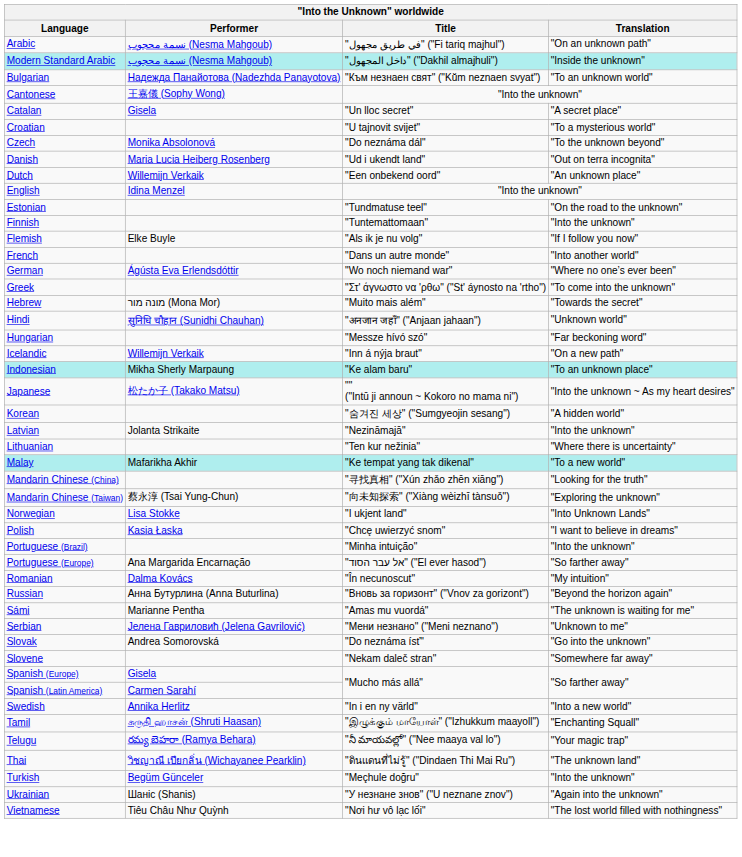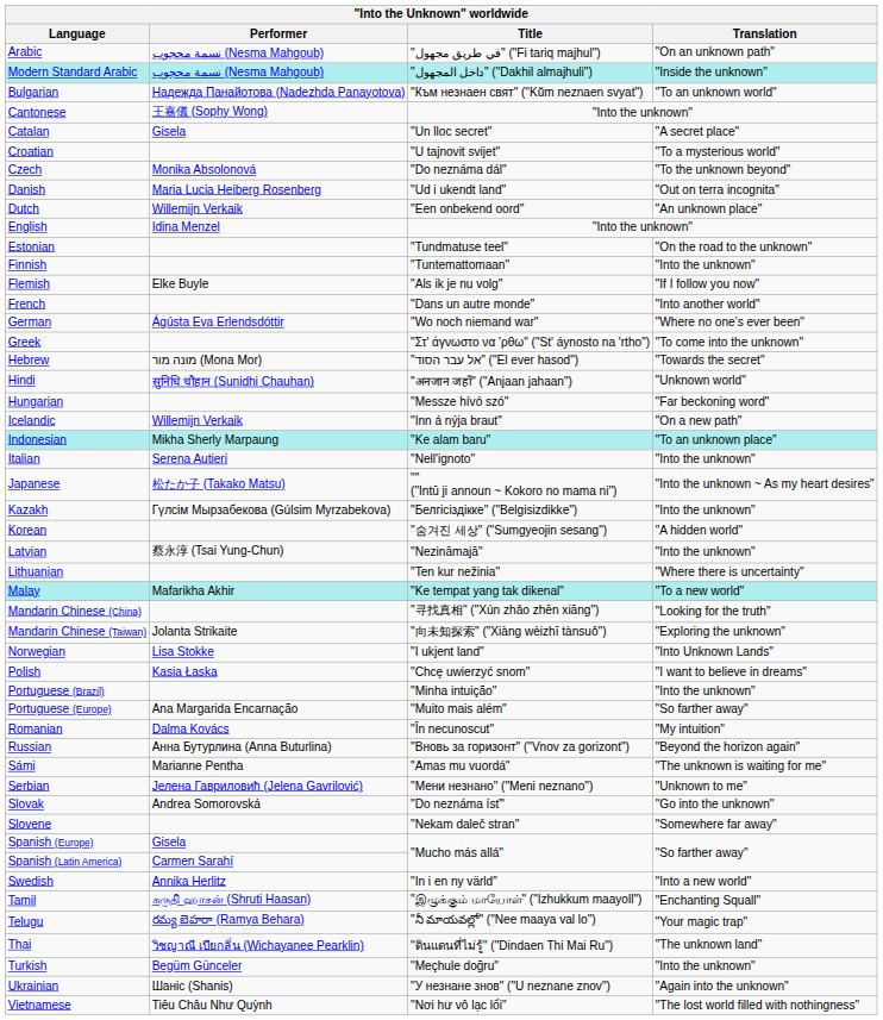 <table class="wikitable collapsible collapsed">
 <tr>
 <th colspan="4">"Into the Unknown" worldwide</th>
 </tr>
 <tr>
 <th>Language</th>
 <th>Performer</th>
 <th>Title</th>
 <th>Translation</th>
 </tr>
 <tr>
 <td><a href='#'>Arabic</a></td>
 <td><a href='#'>نسمة محجوب (Nesma Mahgoub)</a></td>
 <td>"في طريق مجهول" ("Fi tariq majhul")</td>
 <td>"On an unknown path"</td>
 </tr>
 <tr>
 <td style="background:PaleTurquoise"><a href='#'>Modern Standard Arabic</a></td>
 <td style="background:paleturquoise"><a href='#'>نسمة محجوب (Nesma Mahgoub)</a></td>
 <td style="background:PaleTurquoise">"داخل المجهول‎" ("Dakhil almajhuli")</td>
 <td style="background:PaleTurquoise">"Inside the unknown"</td>
 </tr>
 <tr>
 <td><a href='#'>Bulgarian</a></td>
 <td><a href='#'>Надежда Панайотова (Nadezhda Panayotova)</a></td>
 <td>"Към незнаен свят" ("Kŭm neznaen svyat")</td>
 <td>"To an unknown world"</td>
 </tr>
 <tr>
 <td><a href='#'>Cantonese</a></td>
 <td><a href='#'>王嘉儀 (Sophy Wong)</a></td>
 <td colspan="2" align="center">"Into the unknown"</td>
 </tr>
 <tr>
 <td><a href='#'>Catalan</a></td>
 <td><a href='#'>Gisela</a></td>
 <td>"Un lloc secret"</td>
 <td>"A secret place"</td>
 </tr>
 <tr>
 <td><a href='#'>Croatian</a></td>
 <td></td>
 <td>"U tajnovit svijet"</td>
 <td>"To a mysterious world"</td>
 </tr>
 <tr>
 <td><a href='#'>Czech</a></td>
 <td><a href='#'>Monika Absolonová</a></td>
 <td>"Do neznáma dál"</td>
 <td>"To the unknown beyond"</td>
 </tr>
 <tr>
 <td><a href='#'>Danish</a></td>
 <td><a href='#'>Maria Lucia Heiberg Rosenberg</a></td>
 <td>"Ud i ukendt land"</td>
 <td>"Out on terra incognita"</td>
 </tr>
 <tr>
 <td><a href='#'>Dutch</a></td>
 <td><a href='#'>Willemijn Verkaik</a></td>
 <td>"Een onbekend oord"</td>
 <td>"An unknown place"</td>
 </tr>
 <tr>
 <td><a href='#'>English</a></td>
 <td><a href='#'>Idina Menzel</a></td>
 <td colspan="2" align="center">"Into the unknown"</td>
 </tr>
 <tr>
 <td><a href='#'>Estonian</a></td>
 <td></td>
 <td>"Tundmatuse teel"</td>
 <td>"On the road to the unknown"</td>
 </tr>
 <tr>
 <td><a href='#'>Finnish</a></td>
 <td></td>
 <td>"Tuntemattomaan"</td>
 <td>"Into the unknown"</td>
 </tr>
 <tr>
 <td><a href='#'>Flemish</a></td>
 <td>Elke Buyle</td>
 <td>"Als ik je nu volg"</td>
 <td>"If I follow you now"</td>
 </tr>
 <tr>
 <td><a href='#'>French</a></td>
 <td></td>
 <td>"Dans un autre monde"</td>
 <td>"Into another world"</td>
 </tr>
 <tr>
 <td><a href='#'>German</a></td>
 <td><a href='#'>Ágústa Eva Erlendsdóttir</a></td>
 <td>"Wo noch niemand war"</td>
 <td>"Where no one’s ever been"</td>
 </tr>
 <tr>
 <td><a href='#'>Greek</a></td>
 <td></td>
 <td>"Στ' άγνωστο να 'ρθω" ("St' áynosto na 'rtho")</td>
 <td>"To come into the unknown"</td>
 </tr>
 <tr>
 <td><a href='#'>Hebrew</a></td>
 <td>מונה מור (Mona Mor)</td>
-<td>"Muito mais além"</td>
+<td>"אל עבר הסוד" ("El ever hasod")</td>
 <td>"Towards the secret"</td>
 </tr>
 <tr>
 <td><a href='#'>Hindi</a></td>
 <td><a href='#'>सुनिधि चौहान (Sunidhi Chauhan)</a></td>
 <td>"अनजान जहाँ" ("Anjaan jahaan")</td>
 <td>"Unknown world"</td>
 </tr>
 <tr>
 <td><a href='#'>Hungarian</a></td>
 <td></td>
 <td>"Messze hívó szó"</td>
 <td>"Far beckoning word"</td>
 </tr>
 <tr>
 <td><a href='#'>Icelandic</a></td>
 <td><a href='#'>Willemijn Verkaik</a></td>
 <td>"Inn á nýja braut"</td>
 <td>"On a new path"</td>
 </tr>
 <tr>
 <td style="background:PaleTurquoise"><a href='#'>Indonesian</a></td>
 <td style="background:PaleTurquoise">Mikha Sherly Marpaung</td>
 <td style="background:PaleTurquoise">"Ke alam baru"</td>
 <td style="background:PaleTurquoise">"To an unknown place"</td>
 </tr>
 <tr>
+<td><a href='#'>Italian</a></td>
+<td><a href='#'>Serena Autieri</a></td>
+<td>"Nell'ignoto"</td>
+<td>"Into the unknown"</td>
+</tr>
+<tr>
 <td><a href='#'>Japanese</a></td>
 <td><a href='#'>松たか子 (Takako Matsu)</a></td>
 <td>""<br>("Intū ji announ ~ Kokoro no mama ni")</td>
 <td>"Into the unknown ~ As my heart desires"</td>
+</tr>
+<tr>
+<td><a href='#'>Kazakh</a></td>
+<td>Гүлсім Мырзабекова (Gúlsim Myrzabekova)</td>
+<td>"Белгісіздікке" ("Belgisizdikke")</td>
+<td>"Into the unknown"</td>
 </tr>
 <tr>
 <td><a href='#'>Korean</a></td>
 <td></td>
 <td>"숨겨진 세상" ("Sumgyeojin sesang")</td>
 <td>"A hidden world"</td>
 </tr>
 <tr>
 <td><a href='#'>Latvian</a></td>
-<td>Jolanta Strikaite</td>
+<td>蔡永淳 (Tsai Yung-Chun)</td>
 <td>"Nezināmajā"</td>
 <td>"Into the unknown"</td>
 </tr>
 <tr>
 <td><a href='#'>Lithuanian</a></td>
 <td></td>
 <td>"Ten kur nežinia"</td>
 <td>"Where there is uncertainty"</td>
 </tr>
 <tr Yang tidak diketahui>
 <td style="background:PaleTurquoise"><a href='#'>Malay</a></td>
 <td style="background:paleturquoise">Mafarikha Akhir</td>
 <td style="background:PaleTurquoise">"Ke tempat yang tak dikenal"</td>
 <td style="background:PaleTurquoise">"To a new world"</td>
 </tr>
 <tr>
 <td><a href='#'>Mandarin Chinese <small>(China)</small></a></td>
 <td></td>
 <td>"寻找真相" ("Xún zhǎo zhēn xiāng")</td>
 <td>"Looking for the truth"</td>
 </tr>
 <tr>
 <td><a href='#'>Mandarin Chinese <small>(Taiwan)</small></a></td>
-<td>蔡永淳 (Tsai Yung-Chun)</td>
+<td>Jolanta Strikaite</td>
 <td>"向未知探索" ("Xiàng wèizhī tànsuǒ")</td>
 <td>"Exploring the unknown"</td>
 </tr>
 <tr>
 <td><a href='#'>Norwegian</a></td>
 <td><a href='#'>Lisa Stokke</a></td>
 <td>"I ukjent land"</td>
 <td>"Into Unknown Lands"</td>
 </tr>
 <tr>
 <td><a href='#'>Polish</a></td>
 <td><a href='#'>Kasia Łaska</a></td>
 <td>"Chcę uwierzyć snom"</td>
 <td>"I want to believe in dreams"</td>
 </tr>
 <tr>
 <td><a href='#'>Portuguese <small>(Brazil)</small></a></td>
 <td></td>
 <td>"Minha intuição"</td>
 <td>"Into the unknown"</td>
 </tr>
 <tr>
 <td><a href='#'>Portuguese <small>(Europe)</small></a></td>
 <td>Ana Margarida Encarnação</td>
-<td>"אל עבר הסוד" ("El ever hasod")</td>
+<td>"Muito mais além"</td>
 <td>"So farther away"</td>
 </tr>
 <tr>
 <td><a href='#'>Romanian</a></td>
 <td><a href='#'>Dalma Kovács</a></td>
 <td>"În necunoscut"</td>
 <td>"My intuition"</td>
 </tr>
 <tr>
 <td><a href='#'>Russian</a></td>
 <td>Анна Бутурлина (Anna Buturlina)</td>
 <td>"Вновь за горизонт" ("Vnov za gorizont")</td>
 <td>"Beyond the horizon again"</td>
 </tr>
 <tr>
 <td><a href='#'>Sámi</a></td>
 <td>Marianne Pentha</td>
 <td>"Amas mu vuordá"</td>
 <td>"The unknown is waiting for me"</td>
 </tr>
 <tr>
 <td><a href='#'>Serbian</a></td>
 <td><a href='#'>Јелена Гавриловић (Jelena Gavrilović)</a></td>
 <td>"Мени незнано" ("Meni neznano")</td>
 <td>"Unknown to me"</td>
 </tr>
 <tr>
 <td><a href='#'>Slovak</a></td>
 <td>Andrea Somorovská</td>
 <td>"Do neznáma ísť"</td>
 <td>"Go into the unknown"</td>
 </tr>
 <tr>
 <td><a href='#'>Slovene</a></td>
 <td></td>
 <td>"Nekam daleč stran"</td>
 <td>"Somewhere far away"</td>
 </tr>
 <tr>
 <td><a href='#'>Spanish <small>(Europe)</small></a></td>
 <td><a href='#'>Gisela</a></td>
 <td rowspan="2">"Mucho más allá"</td>
 <td rowspan="2">"So farther away"</td>
 </tr>
 <tr>
 <td><a href='#'>Spanish <small>(Latin America)</small></a></td>
 <td><a href='#'>Carmen Sarahí</a></td>
 </tr>
 <tr>
 <td><a href='#'>Swedish</a></td>
 <td><a href='#'>Annika Herlitz</a></td>
 <td>"In i en ny värld"</td>
 <td>"Into a new world"</td>
 </tr>
 <tr>
 <td><a href='#'>Tamil</a></td>
 <td><a href='#'>சுருதி ஹாசன் (Shruti Haasan)</a></td>
 <td>"இழுக்கும் மாயோள்" ("Izhukkum maayoll")</td>
 <td>"Enchanting Squall"</td>
 </tr>
 <tr>
 <td><a href='#'>Telugu</a></td>
 <td><a href='#'>రమ్య బెహరా (Ramya Behara)</a></td>
 <td>"నీ మాయవల్లో" ("Nee maaya val lo")</td>
 <td>"Your magic trap"</td>
 </tr>
 <tr>
 <td><a href='#'>Thai</a></td>
 <td><a href='#'>วิชญาณี เปียกลิ่น (Wichayanee Pearklin)</a></td>
 <td>"ดินแดนที่ไม่รู้" ("Dindaen Thi Mai Ru")</td>
 <td>"The unknown land"</td>
 </tr>
 <tr>
 <td><a href='#'>Turkish</a></td>
 <td><a href='#'>Begüm Günceler</a></td>
 <td>"Meçhule doğru"</td>
 <td>"Into the unknown"</td>
 </tr>
 <tr>
 <td><a href='#'>Ukrainian</a></td>
 <td>Шаніс (Shanis)</td>
 <td>"У незнане знов" ("U neznane znov")</td>
 <td>"Again into the unknown"</td>
 </tr>
 <tr>
 <td><a href='#'>Vietnamese</a></td>
 <td>Tiêu Châu Như Quỳnh</td>
 <td>"Nơi hư vô lạc lối"</td>
 <td>"The lost world filled with nothingness"</td>
 </tr>
 </table>
